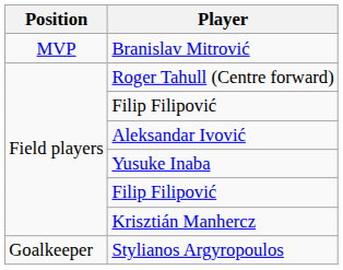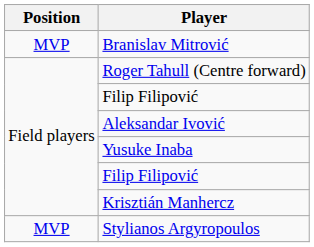 <table class="wikitable">
 <tr>
 <th>Position</th>
 <th>Player</th>
 </tr>
 <tr>
 <td align=center><a href='#'>MVP</a></td>
 <td> <a href='#'>Branislav Mitrović</a></td>
 </tr>
 <tr>
 <td rowspan=6>Field players</td>
 <td> <a href='#'>Roger Tahull</a> (Centre forward)</td>
 </tr>
 <tr>
 <td> Filip Filipović</td>
 </tr>
 <tr>
 <td> <a href='#'>Aleksandar Ivović</a></td>
 </tr>
 <tr>
 <td> <a href='#'>Yusuke Inaba</a></td>
 </tr>
 <tr>
 <td> <a href='#'>Filip Filipović</a></td>
 </tr>
 <tr>
 <td> <a href='#'>Krisztián Manhercz</a></td>
 </tr>
 <tr>
-<td>Goalkeeper</td>
+<td align=center><a href='#'>MVP</a></td>
 <td> <a href='#'>Stylianos Argyropoulos</a></td>
 </tr>
 </table>
